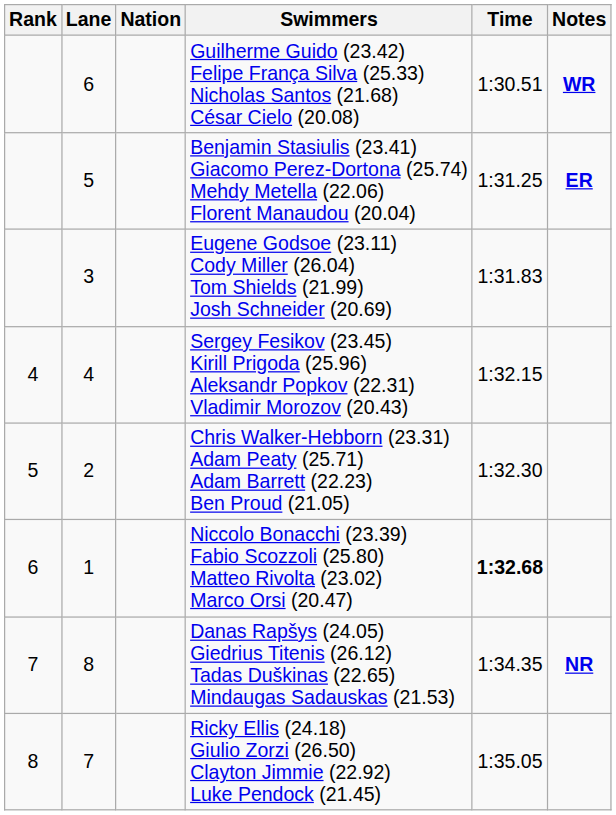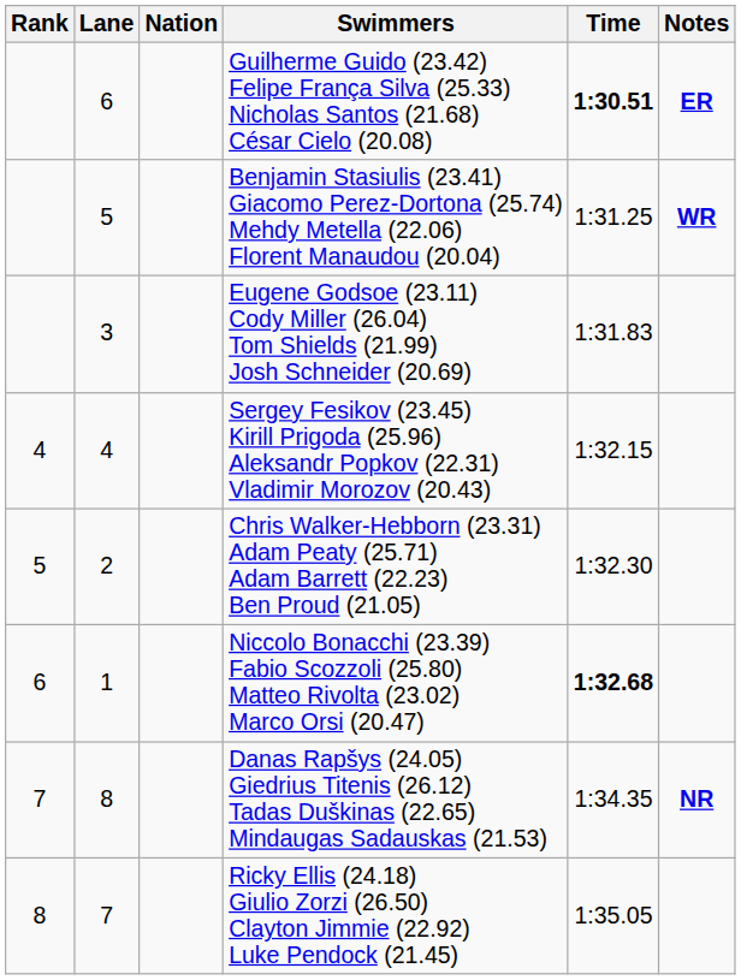 <table class="wikitable sortable" style="text-align:center">
 <tr>
 <th>Rank</th>
 <th>Lane</th>
 <th>Nation</th>
 <th>Swimmers</th>
 <th>Time</th>
 <th>Notes</th>
 </tr>
 <tr>
 <td></td>
 <td>6</td>
 <td align=left></td>
 <td align=left><a href='#'>Guilherme Guido</a> (23.42)<br><a href='#'>Felipe França Silva</a> (25.33)<br><a href='#'>Nicholas Santos</a> (21.68)<br><a href='#'>César Cielo</a> (20.08)</td>
-<td>1:30.51</td>
-<td><strong><a href='#'>WR</a></strong></td>
+<td><strong>1:30.51</strong></td>
+<td><strong><a href='#'>ER</a></strong></td>
 </tr>
 <tr>
 <td></td>
 <td>5</td>
 <td align=left></td>
 <td align=left><a href='#'>Benjamin Stasiulis</a> (23.41)<br><a href='#'>Giacomo Perez-Dortona</a> (25.74)<br><a href='#'>Mehdy Metella</a> (22.06)<br><a href='#'>Florent Manaudou</a> (20.04)</td>
 <td>1:31.25</td>
-<td><strong><a href='#'>ER</a></strong></td>
+<td><strong><a href='#'>WR</a></strong></td>
 </tr>
 <tr>
 <td></td>
 <td>3</td>
 <td align=left></td>
 <td align=left><a href='#'>Eugene Godsoe</a> (23.11)<br><a href='#'>Cody Miller</a> (26.04)<br><a href='#'>Tom Shields</a> (21.99)<br><a href='#'>Josh Schneider</a> (20.69)</td>
 <td>1:31.83</td>
 <td></td>
 </tr>
 <tr>
 <td>4</td>
 <td>4</td>
 <td align=left></td>
 <td align=left><a href='#'>Sergey Fesikov</a> (23.45)<br><a href='#'>Kirill Prigoda</a> (25.96)<br><a href='#'>Aleksandr Popkov</a> (22.31)<br><a href='#'>Vladimir Morozov</a> (20.43)</td>
 <td>1:32.15</td>
 <td></td>
 </tr>
 <tr>
 <td>5</td>
 <td>2</td>
 <td align=left></td>
 <td align=left><a href='#'>Chris Walker-Hebborn</a> (23.31)<br><a href='#'>Adam Peaty</a> (25.71)<br><a href='#'>Adam Barrett</a> (22.23)<br><a href='#'>Ben Proud</a> (21.05)</td>
 <td>1:32.30</td>
 <td></td>
 </tr>
 <tr>
 <td>6</td>
 <td>1</td>
 <td align=left></td>
 <td align=left><a href='#'>Niccolo Bonacchi</a> (23.39)<br><a href='#'>Fabio Scozzoli</a> (25.80)<br><a href='#'>Matteo Rivolta</a> (23.02)<br><a href='#'>Marco Orsi</a> (20.47)</td>
 <td><strong>1:32.68</strong></td>
 <td></td>
 </tr>
 <tr>
 <td>7</td>
 <td>8</td>
 <td align=left></td>
 <td align=left><a href='#'>Danas Rapšys</a> (24.05)<br><a href='#'>Giedrius Titenis</a> (26.12)<br><a href='#'>Tadas Duškinas</a> (22.65)<br><a href='#'>Mindaugas Sadauskas</a> (21.53)</td>
 <td>1:34.35</td>
 <td><strong><a href='#'>NR</a></strong></td>
 </tr>
 <tr>
 <td>8</td>
 <td>7</td>
 <td align=left></td>
 <td align=left><a href='#'>Ricky Ellis</a> (24.18)<br><a href='#'>Giulio Zorzi</a> (26.50)<br><a href='#'>Clayton Jimmie</a> (22.92)<br><a href='#'>Luke Pendock</a> (21.45)</td>
 <td>1:35.05</td>
 <td></td>
 </tr>
 </table>
